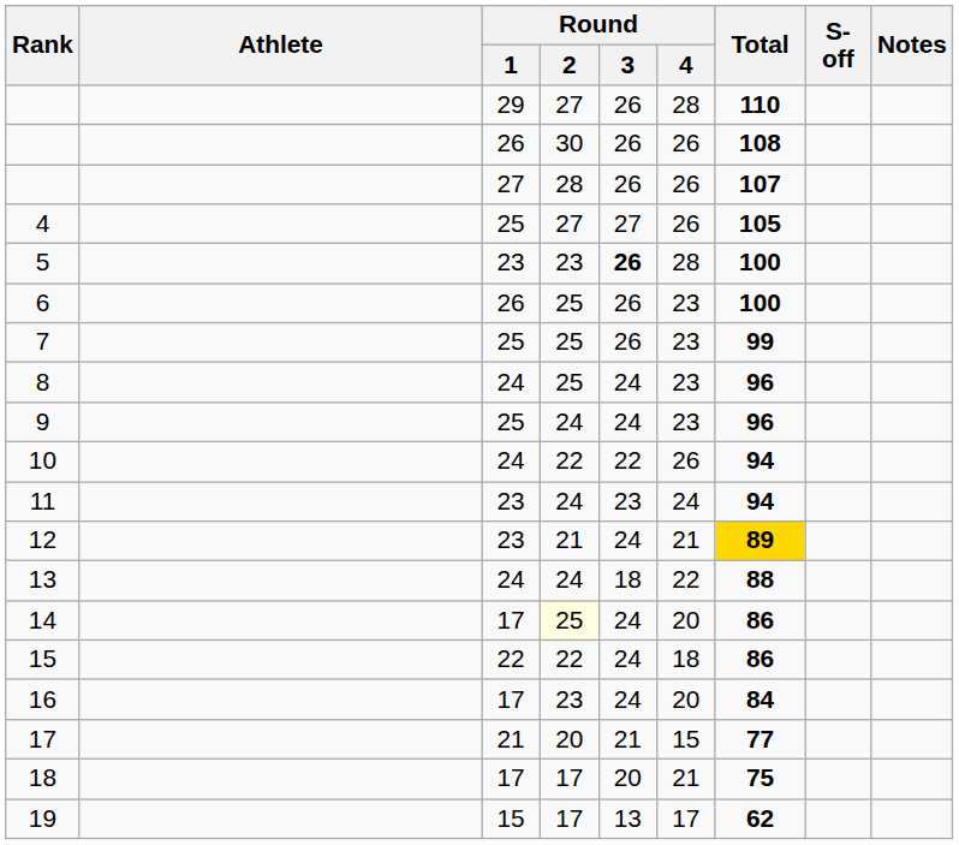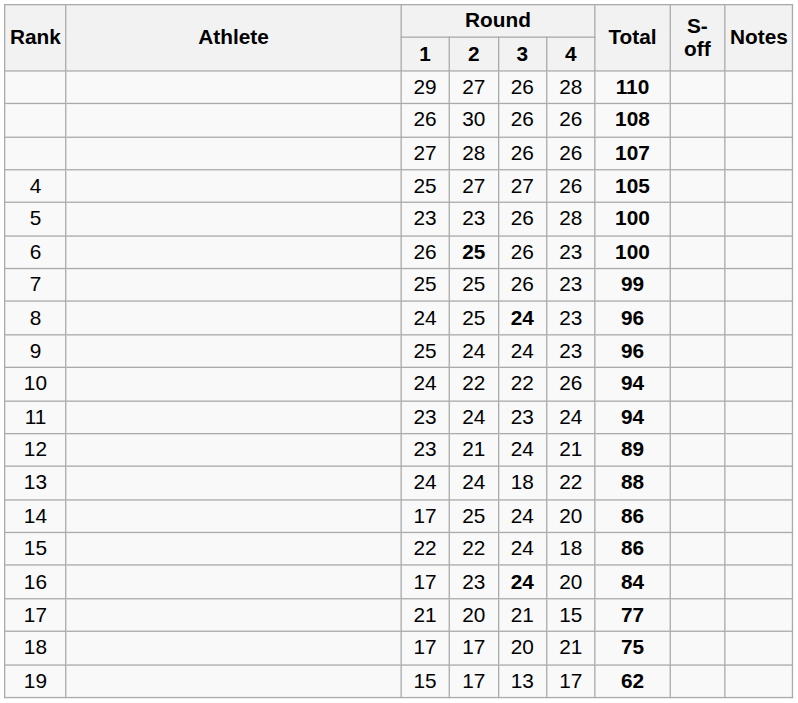 <table class="wikitable" style="text-align:center">
 <tr>
 <th rowspan=2 width=40>Rank</th>
 <th rowspan=2 width=250>Athlete</th>
 <th colspan=4>Round</th>
 <th rowspan=2 width=50>Total</th>
 <th rowspan=2 width=35>S-off</th>
 <th rowspan=2 width=45>Notes</th>
 </tr>
 <tr>
 <th width=30>1</th>
 <th width=30>2</th>
 <th width=30>3</th>
 <th width=30>4</th>
 </tr>
 <tr>
 <td></td>
 <td align=left></td>
 <td>29</td>
 <td>27</td>
 <td>26</td>
 <td>28</td>
 <td><strong>110</strong></td>
 <td></td>
 <td></td>
 </tr>
 <tr>
 <td></td>
 <td align=left></td>
 <td>26</td>
 <td>30</td>
 <td>26</td>
 <td>26</td>
 <td><strong>108</strong></td>
 <td></td>
 <td></td>
 </tr>
 <tr>
 <td></td>
 <td align=left></td>
 <td>27</td>
 <td>28</td>
 <td>26</td>
 <td>26</td>
 <td><strong>107</strong></td>
 <td></td>
 <td></td>
 </tr>
 <tr>
 <td>4</td>
 <td align=left></td>
 <td>25</td>
 <td>27</td>
 <td>27</td>
 <td>26</td>
 <td><strong>105</strong></td>
 <td></td>
 <td></td>
 </tr>
 <tr>
 <td>5</td>
 <td align=left></td>
 <td>23</td>
 <td>23</td>
-<td><strong>26</strong></td>
+<td>26</td>
 <td>28</td>
 <td><strong>100</strong></td>
 <td></td>
 <td></td>
 </tr>
 <tr>
 <td>6</td>
 <td align=left></td>
 <td>26</td>
-<td>25</td>
+<td><strong>25</strong></td>
 <td>26</td>
 <td>23</td>
 <td><strong>100</strong></td>
 <td></td>
 <td></td>
 </tr>
 <tr>
 <td>7</td>
 <td align=left></td>
 <td>25</td>
 <td>25</td>
 <td>26</td>
 <td>23</td>
 <td><strong>99</strong></td>
 <td></td>
 <td></td>
 </tr>
 <tr>
 <td>8</td>
 <td align=left></td>
 <td>24</td>
 <td>25</td>
-<td>24</td>
+<td><strong>24</strong></td>
 <td>23</td>
 <td><strong>96</strong></td>
 <td></td>
 <td></td>
 </tr>
 <tr>
 <td>9</td>
 <td align=left></td>
 <td>25</td>
 <td>24</td>
 <td>24</td>
 <td>23</td>
 <td><strong>96</strong></td>
 <td></td>
 <td></td>
 </tr>
 <tr>
 <td>10</td>
 <td align=left></td>
 <td>24</td>
 <td>22</td>
 <td>22</td>
 <td>26</td>
 <td><strong>94</strong></td>
 <td></td>
 <td></td>
 </tr>
 <tr>
 <td>11</td>
 <td align=left></td>
 <td>23</td>
 <td>24</td>
 <td>23</td>
 <td>24</td>
 <td><strong>94</strong></td>
 <td></td>
 <td></td>
 </tr>
 <tr>
 <td>12</td>
 <td align=left></td>
 <td>23</td>
 <td>21</td>
 <td>24</td>
 <td>21</td>
-<td style="background: gold;"><strong>89</strong></td>
+<td><strong>89</strong></td>
 <td></td>
 <td></td>
 </tr>
 <tr>
 <td>13</td>
 <td align=left></td>
 <td>24</td>
 <td>24</td>
 <td>18</td>
 <td>22</td>
 <td><strong>88</strong></td>
 <td></td>
 <td></td>
 </tr>
 <tr>
 <td>14</td>
 <td align=left></td>
 <td>17</td>
-<td style="background: lightyellow;">25</td>
+<td>25</td>
 <td>24</td>
 <td>20</td>
 <td><strong>86</strong></td>
 <td></td>
 <td></td>
 </tr>
 <tr>
 <td>15</td>
 <td align=left></td>
 <td>22</td>
 <td>22</td>
 <td>24</td>
 <td>18</td>
 <td><strong>86</strong></td>
 <td></td>
 <td></td>
 </tr>
 <tr>
 <td>16</td>
 <td align=left></td>
 <td>17</td>
 <td>23</td>
-<td>24</td>
+<td><strong>24</strong></td>
 <td>20</td>
 <td><strong>84</strong></td>
 <td></td>
 <td></td>
 </tr>
 <tr>
 <td>17</td>
 <td align=left></td>
 <td>21</td>
 <td>20</td>
 <td>21</td>
 <td>15</td>
 <td><strong>77</strong></td>
 <td></td>
 <td></td>
 </tr>
 <tr>
 <td>18</td>
 <td align=left></td>
 <td>17</td>
 <td>17</td>
 <td>20</td>
 <td>21</td>
 <td><strong>75</strong></td>
 <td></td>
 <td></td>
 </tr>
 <tr>
 <td>19</td>
 <td align=left></td>
 <td>15</td>
 <td>17</td>
 <td>13</td>
 <td>17</td>
 <td><strong>62</strong></td>
 <td></td>
 <td></td>
 </tr>
 </table>
